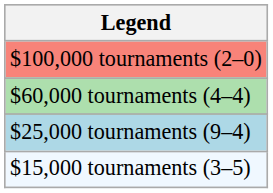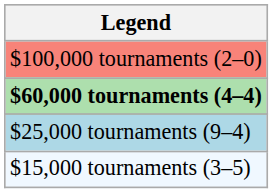 <table class=wikitable style=font-size:85%>
 <tr>
 <th>Legend</th>
 </tr>
 <tr style=background:#f88379;>
 <td>$100,000 tournaments (2–0)</td>
 </tr>
 <tr style=background:#addfad;>
-<td>$60,000 tournaments (4–4)</td>
+<td><strong>$60,000 tournaments (4–4)</strong></td>
 </tr>
 <tr style=background:lightblue;>
 <td>$25,000 tournaments (9–4)</td>
 </tr>
 <tr style=background:#f0f8ff;>
 <td>$15,000 tournaments (3–5)</td>
 </tr>
 </table>
